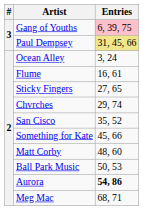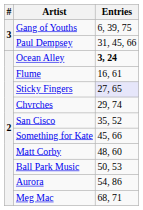 <table class="wikitable sortable">
 <tr>
 <th>#</th>
 <th>Artist</th>
 <th>Entries</th>
 </tr>
 <tr>
 <th rowspan="2">3</th>
 <td><a href='#'>Gang of Youths</a></td>
-<td style="background: pink;">6, 39, 75</td>
+<td>6, 39, 75</td>
 </tr>
 <tr>
 <td><a href='#'>Paul Dempsey</a> </td>
-<td style="background: khaki;">31, 45, 66</td>
+<td>31, 45, 66</td>
 </tr>
 <tr>
 <th rowspan="10">2</th>
 <td><a href='#'>Ocean Alley</a></td>
-<td>3, 24</td>
+<td><strong>3, 24</strong></td>
 </tr>
 <tr>
 <td><a href='#'>Flume</a></td>
 <td>16, 61</td>
 </tr>
 <tr>
 <td><a href='#'>Sticky Fingers</a></td>
-<td>27, 65</td>
+<td style="background: lavender;">27, 65</td>
 </tr>
 <tr>
 <td><a href='#'>Chvrches</a></td>
 <td>29, 74</td>
 </tr>
 <tr>
 <td><a href='#'>San Cisco</a></td>
 <td>35, 52</td>
 </tr>
 <tr>
 <td><a href='#'>Something for Kate</a></td>
 <td>45, 66</td>
 </tr>
 <tr>
 <td><a href='#'>Matt Corby</a></td>
 <td>48, 60</td>
 </tr>
 <tr>
 <td><a href='#'>Ball Park Music</a></td>
 <td>50, 53</td>
 </tr>
 <tr>
 <td><a href='#'>Aurora</a></td>
-<td><strong>54, 86</strong></td>
+<td>54, 86</td>
 </tr>
 <tr>
 <td><a href='#'>Meg Mac</a></td>
 <td>68, 71</td>
 </tr>
 </table>
